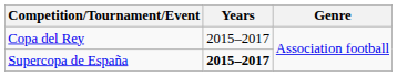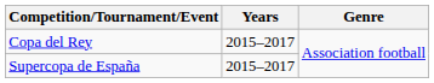 <table class="wikitable">
 <tr>
 <th>Competition/Tournament/Event</th>
 <th>Years</th>
 <th>Genre</th>
 </tr>
 <tr>
 <td><a href='#'>Copa del Rey</a></td>
 <td>2015–2017</td>
 <td rowspan="2"><a href='#'>Association football</a></td>
 </tr>
 <tr>
 <td><a href='#'>Supercopa de España</a></td>
-<td><strong>2015–2017</strong></td>
+<td>2015–2017</td>
 </tr>
 </table>
